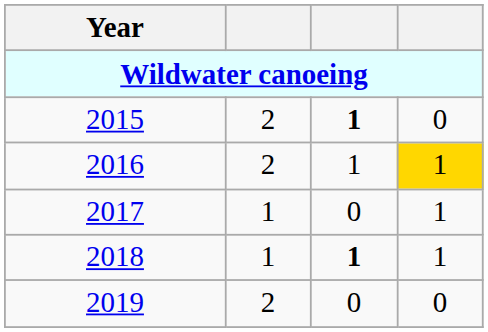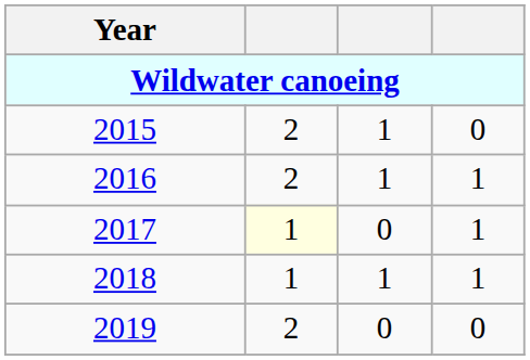 <table class="wikitable" width=30% style="font-size:100%; text-align:center;">
 <tr>
 <th>Year</th>
 <th></th>
 <th></th>
 <th></th>
 </tr>
 <tr>
 <td colspan=4 bgcolor=LightCyan><strong><a href='#'>Wildwater canoeing</a></strong></td>
 </tr>
 <tr>
 <td><a href='#'>2015</a></td>
 <td>2</td>
-<td><strong>1</strong></td>
+<td>1</td>
 <td>0</td>
 </tr>
 <tr>
 <td><a href='#'>2016</a></td>
 <td>2</td>
 <td>1</td>
-<td style="background: gold;">1</td>
+<td>1</td>
 </tr>
 <tr>
 <td><a href='#'>2017</a></td>
-<td>1</td>
+<td style="background: lightyellow;">1</td>
 <td>0</td>
 <td>1</td>
 </tr>
 <tr>
 <td><a href='#'>2018</a></td>
 <td>1</td>
-<td><strong>1</strong></td>
+<td>1</td>
 <td>1</td>
 </tr>
 <tr>
 <td><a href='#'>2019</a></td>
 <td>2</td>
 <td>0</td>
 <td>0</td>
 </tr>
 </table>
